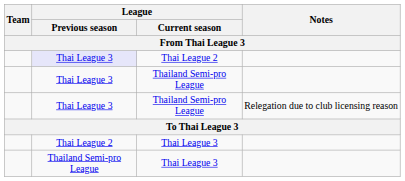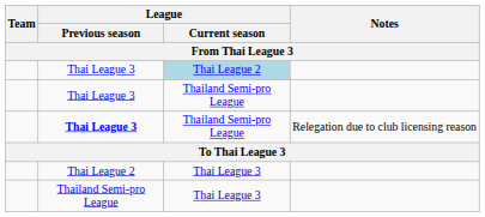 <table class="wikitable" style="text-align:center">
 <tr>
 <th rowspan=2>Team</th>
 <th colspan=2>League</th>
 <th rowspan=2>Notes</th>
 </tr>
 <tr>
 <th width="165">Previous season</th>
 <th width="165">Current season</th>
 </tr>
 <tr>
 <th colspan=4>From Thai League 3</th>
 </tr>
 <tr>
 <td align="left"></td>
-<td style="background: lavender;"><a href='#'>Thai League 3</a></td>
-<td><a href='#'>Thai League 2</a></td>
+<td><a href='#'>Thai League 3</a></td>
+<td style="background: lightblue;"><a href='#'>Thai League 2</a></td>
 <td></td>
 </tr>
 <tr>
 <td align="left"></td>
 <td><a href='#'>Thai League 3</a></td>
 <td><a href='#'>Thailand Semi-pro League</a></td>
 <td></td>
 </tr>
 <tr>
 <td align="left"></td>
-<td><a href='#'>Thai League 3</a></td>
+<td><strong><a href='#'>Thai League 3</a></strong></td>
 <td><a href='#'>Thailand Semi-pro League</a></td>
 <td>Relegation due to club licensing reason</td>
 </tr>
 <tr>
 <th colspan=4>To Thai League 3</th>
 </tr>
 <tr>
 <td align="left"></td>
 <td><a href='#'>Thai League 2</a></td>
 <td><a href='#'>Thai League 3</a></td>
 <td></td>
 </tr>
 <tr>
 <td align="left"></td>
 <td><a href='#'>Thailand Semi-pro League</a></td>
 <td><a href='#'>Thai League 3</a></td>
 <td></td>
 </tr>
 </table>
